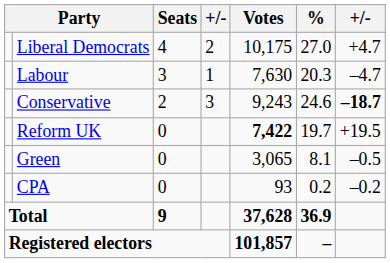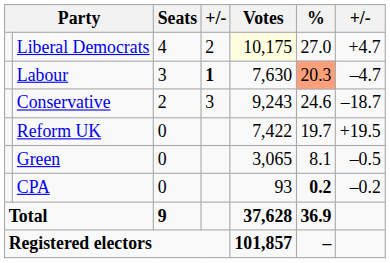 <table class="wikitable sortable">
 <tr>
 <th colspan="2">Party</th>
 <th>Seats</th>
 <th>+/-</th>
 <th>Votes</th>
 <th>%</th>
 <th>+/-</th>
 </tr>
 <tr>
 <td style="background-color: "></td>
 <td><a href='#'>Liberal Democrats</a></td>
 <td>4</td>
 <td> 2</td>
-<td style="text-align:right;">10,175</td>
+<td style="background: lightyellow; text-align:right;">10,175</td>
 <td style="text-align:right;">27.0</td>
 <td style="text-align:right;">+4.7</td>
 </tr>
 <tr>
 <td style="background-color: "></td>
 <td><a href='#'>Labour</a></td>
 <td>3</td>
-<td> 1</td>
+<td><strong> 1</strong></td>
 <td style="text-align:right;">7,630</td>
-<td style="text-align:right;">20.3</td>
+<td style="background: lightsalmon; text-align:right;">20.3</td>
 <td style="text-align:right;">–4.7</td>
 </tr>
 <tr>
 <td style="background-color: "></td>
 <td><a href='#'>Conservative</a></td>
 <td>2</td>
 <td> 3</td>
 <td style="text-align:right;">9,243</td>
 <td style="text-align:right;">24.6</td>
-<td style="text-align:right;"><strong>–18.7</strong></td>
+<td style="text-align:right;">–18.7</td>
 </tr>
 <tr>
 <td style="background-color: "></td>
 <td><a href='#'>Reform UK</a></td>
 <td>0</td>
 <td></td>
-<td style="text-align:right;"><strong>7,422</strong></td>
+<td style="text-align:right;">7,422</td>
 <td style="text-align:right;">19.7</td>
 <td style="text-align:right;">+19.5</td>
 </tr>
 <tr>
 <td style="background-color: "></td>
 <td><a href='#'>Green</a></td>
 <td>0</td>
 <td></td>
 <td style="text-align:right;">3,065</td>
 <td style="text-align:right;">8.1</td>
 <td style="text-align:right;">–0.5</td>
 </tr>
 <tr>
 <td style="background-color: "></td>
 <td><a href='#'>CPA</a></td>
 <td>0</td>
 <td></td>
 <td style="text-align:right;">93</td>
-<td style="text-align:right;">0.2</td>
+<td style="text-align:right;"><strong>0.2</strong></td>
 <td style="text-align:right;">–0.2</td>
 </tr>
 <tr>
 <td colspan="2"><strong>Total</strong></td>
 <td><strong>9</strong></td>
 <td></td>
 <td style="text-align:right;"><strong>37,628</strong></td>
 <td style="text-align:right;"><strong>36.9</strong></td>
 <td style="text-align:right;"></td>
 </tr>
 <tr>
 <td colspan="4"><strong>Registered electors</strong></td>
 <td style="text-align:right;"><strong>101,857</strong></td>
 <td style="text-align:right;"><strong>–</strong></td>
 <td style="text-align:right;"></td>
 </tr>
 </table>
